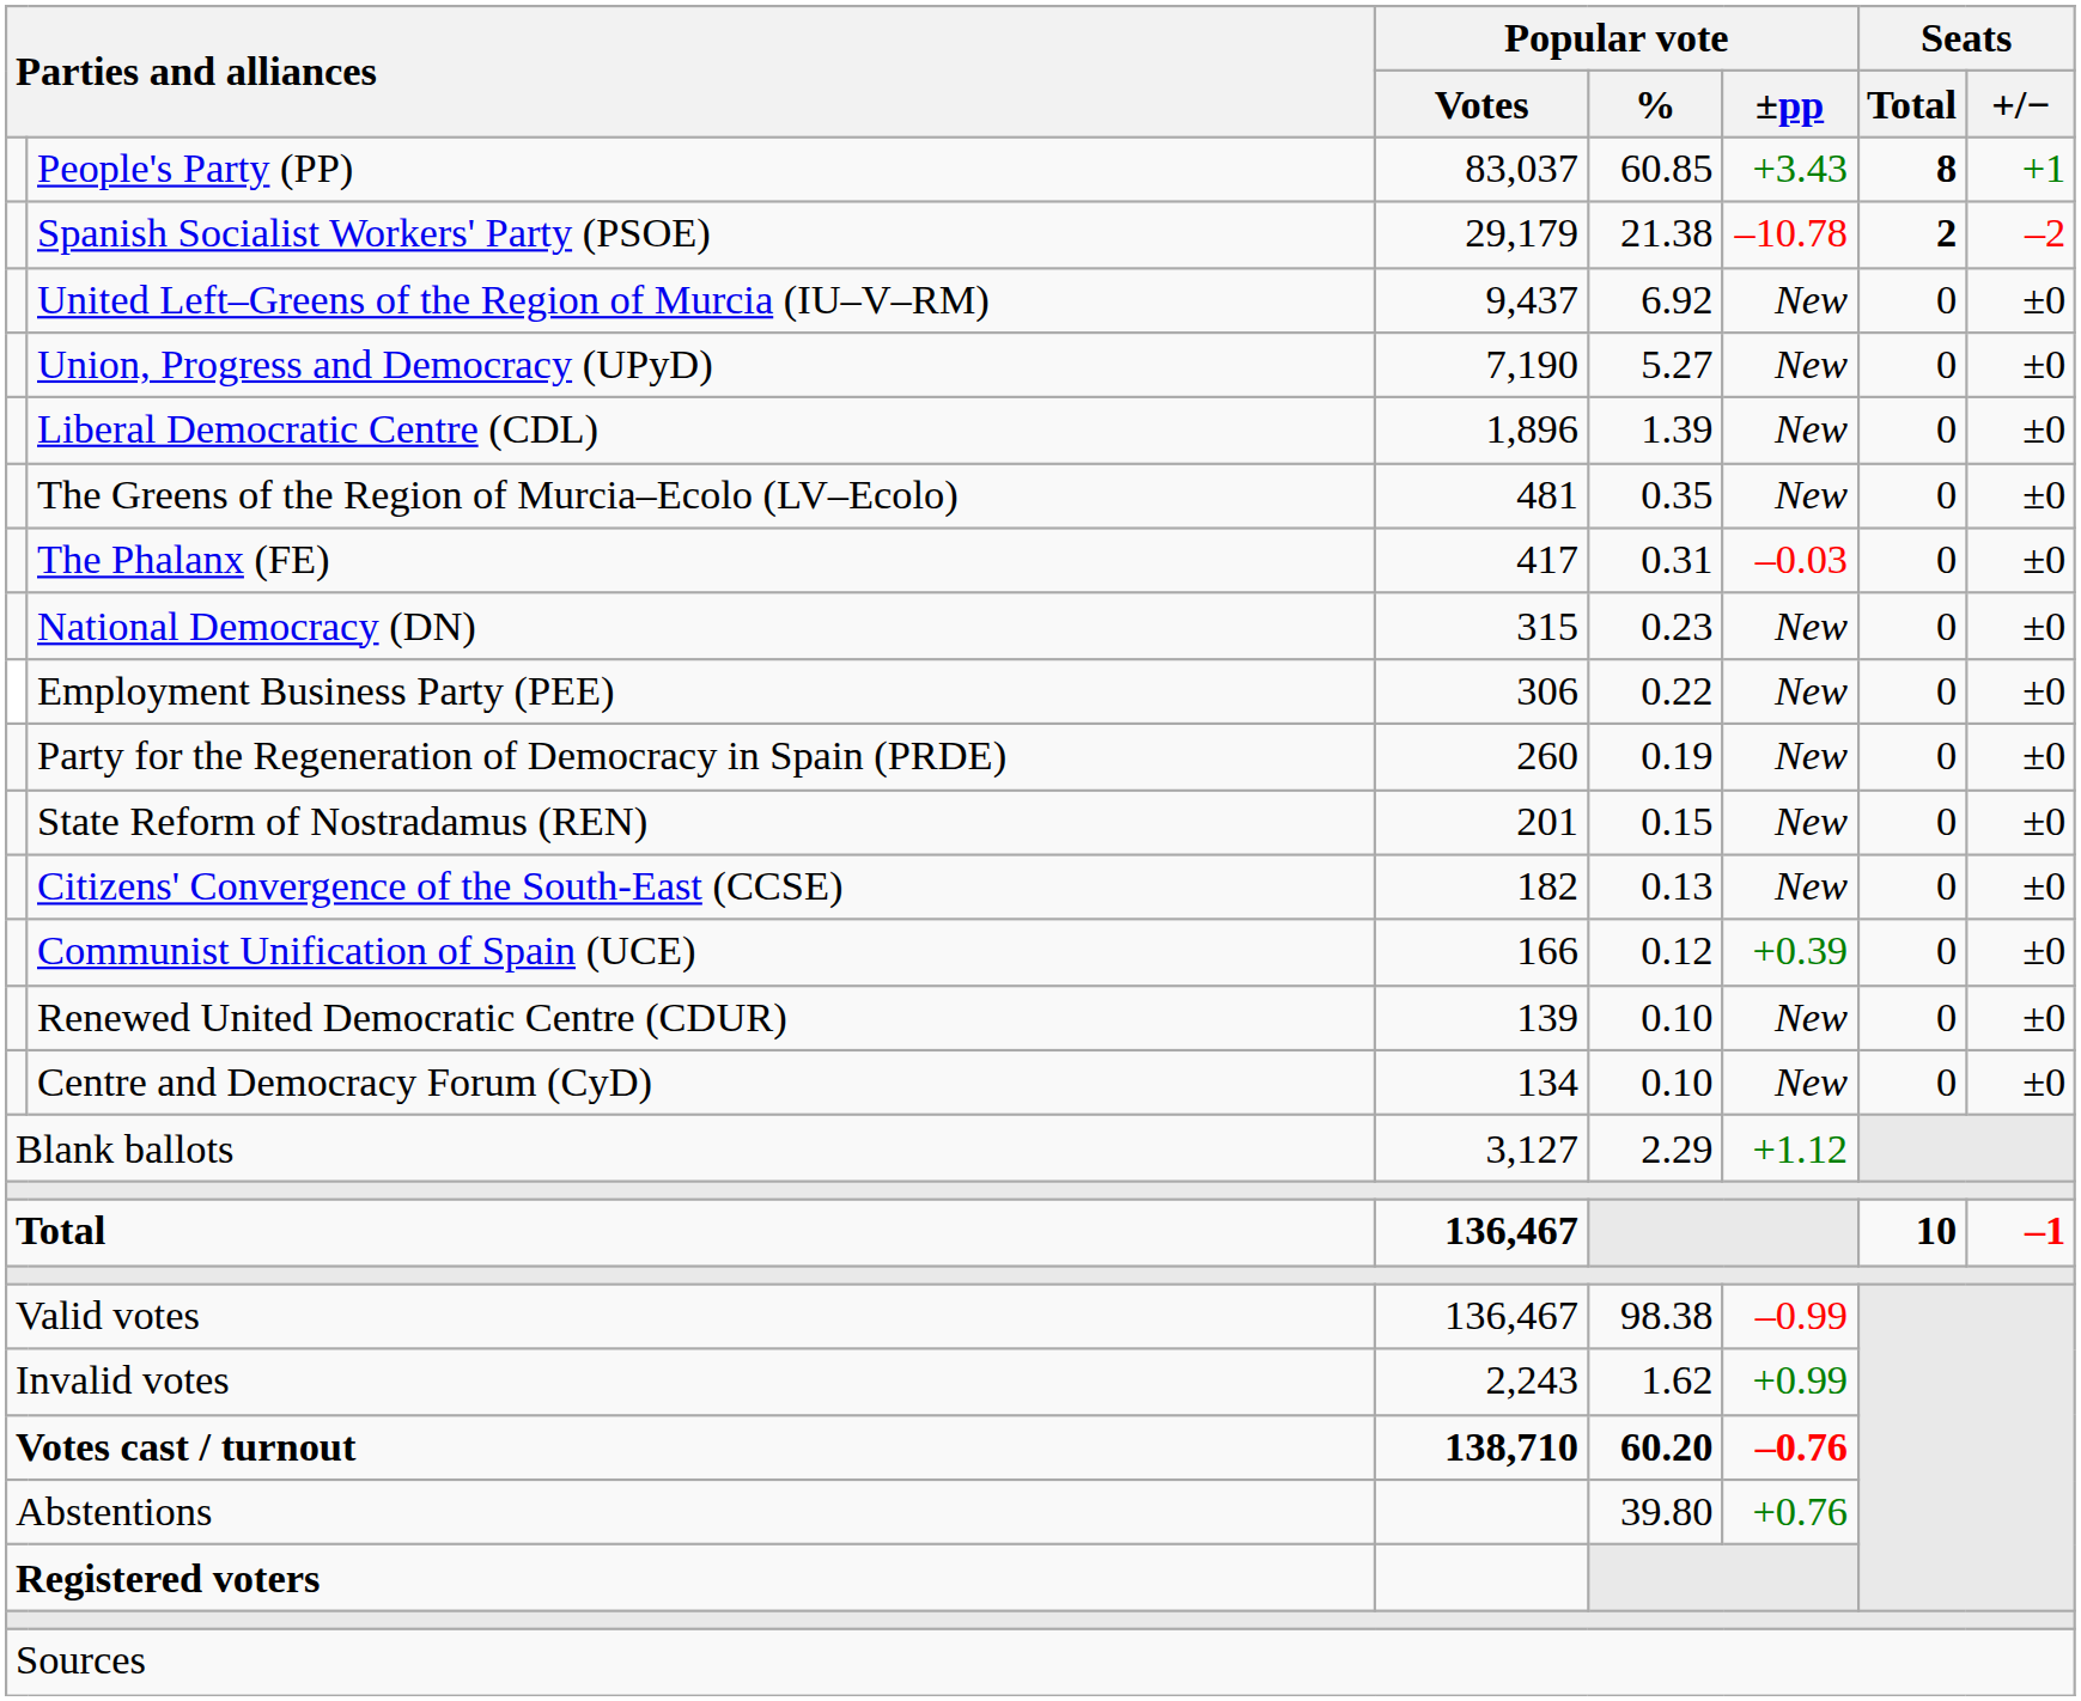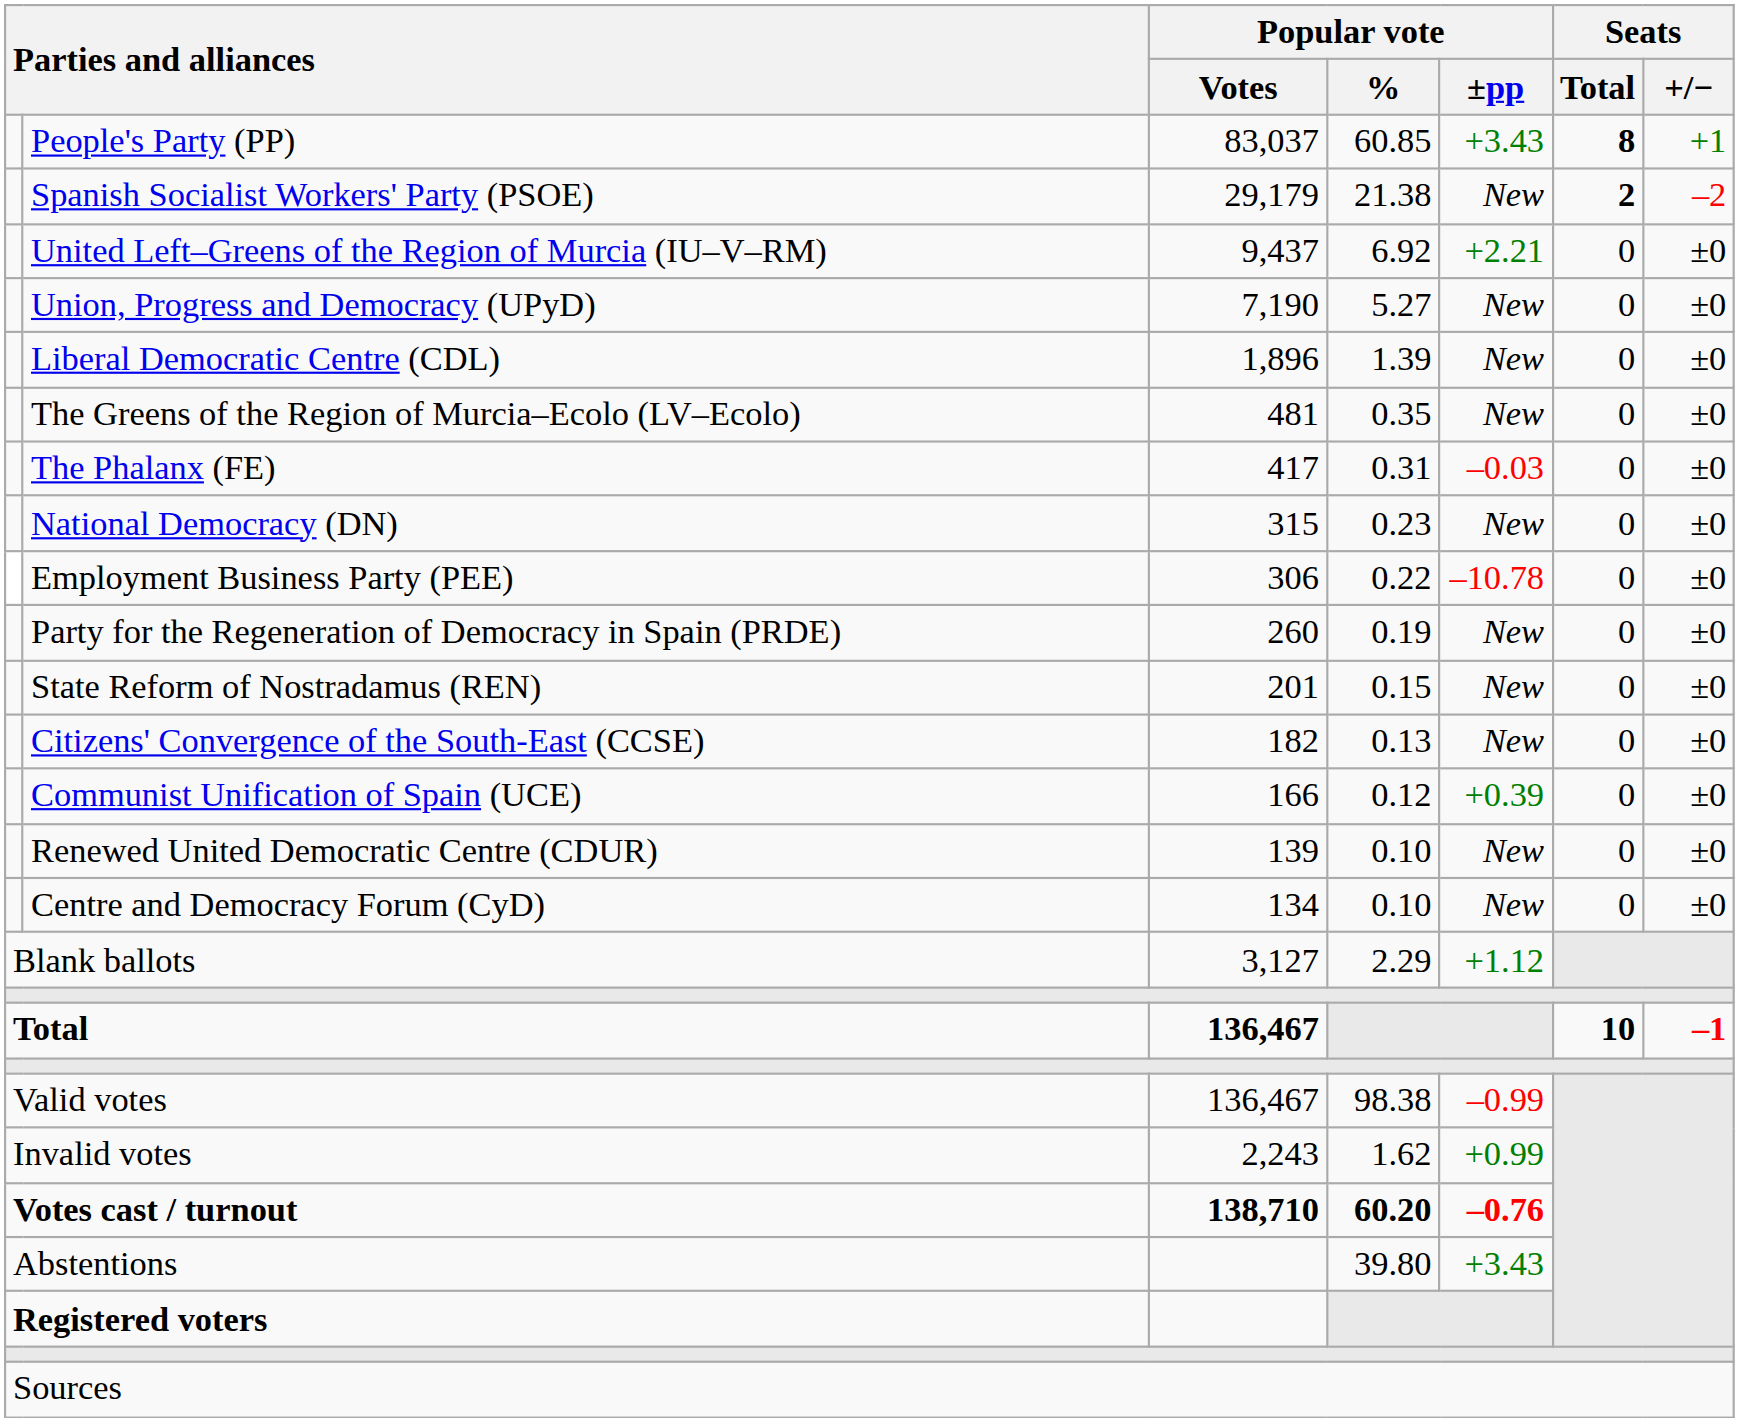 <table class="wikitable" style="text-align:right;">
 <tr>
 <th style="text-align:left;" rowspan="2" colspan="2" width="525">Parties and alliances</th>
 <th colspan="3">Popular vote</th>
 <th colspan="2">Seats</th>
 </tr>
 <tr>
 <th width="75">Votes</th>
 <th width="45">%</th>
 <th width="45">±<a href='#'>pp</a></th>
 <th width="35">Total</th>
 <th width="35">+/−</th>
 </tr>
 <tr>
 <td width="1" style="color:inherit;background:"></td>
 <td align="left"><a href='#'>People's Party</a> (PP)</td>
 <td>83,037</td>
 <td>60.85</td>
 <td style="color:green;">+3.43</td>
 <td><strong>8</strong></td>
 <td style="color:green;">+1</td>
 </tr>
 <tr>
 <td style="color:inherit;background:"></td>
 <td align="left"><a href='#'>Spanish Socialist Workers' Party</a> (PSOE)</td>
 <td>29,179</td>
 <td>21.38</td>
-<td style="color:red;">–10.78</td>
+<td><em>New</em></td>
 <td><strong>2</strong></td>
 <td style="color:red;">–2</td>
 </tr>
 <tr>
 <td style="color:inherit;background:"></td>
 <td align="left"><a href='#'>United Left–Greens of the Region of Murcia</a> (IU–V–RM)</td>
 <td>9,437</td>
 <td>6.92</td>
-<td><em>New</em></td>
+<td style="color:green;">+2.21</td>
 <td>0</td>
 <td>±0</td>
 </tr>
 <tr>
 <td style="color:inherit;background:"></td>
 <td align="left"><a href='#'>Union, Progress and Democracy</a> (UPyD)</td>
 <td>7,190</td>
 <td>5.27</td>
 <td><em>New</em></td>
 <td>0</td>
 <td>±0</td>
 </tr>
 <tr>
 <td style="color:inherit;background:"></td>
 <td align="left"><a href='#'>Liberal Democratic Centre</a> (CDL)</td>
 <td>1,896</td>
 <td>1.39</td>
 <td><em>New</em></td>
 <td>0</td>
 <td>±0</td>
 </tr>
 <tr>
 <td style="color:inherit;background:"></td>
 <td align="left">The Greens of the Region of Murcia–Ecolo (LV–Ecolo)</td>
 <td>481</td>
 <td>0.35</td>
 <td><em>New</em></td>
 <td>0</td>
 <td>±0</td>
 </tr>
 <tr>
 <td style="color:inherit;background:"></td>
 <td align="left"><a href='#'>The Phalanx</a> (FE)</td>
 <td>417</td>
 <td>0.31</td>
 <td style="color:red;">–0.03</td>
 <td>0</td>
 <td>±0</td>
 </tr>
 <tr>
 <td style="color:inherit;background:"></td>
 <td align="left"><a href='#'>National Democracy</a> (DN)</td>
 <td>315</td>
 <td>0.23</td>
 <td><em>New</em></td>
 <td>0</td>
 <td>±0</td>
 </tr>
 <tr>
 <td bgcolor="white"></td>
 <td align="left">Employment Business Party (PEE)</td>
 <td>306</td>
 <td>0.22</td>
-<td><em>New</em></td>
+<td style="color:red;">–10.78</td>
 <td>0</td>
 <td>±0</td>
 </tr>
 <tr>
 <td style="color:inherit;background:"></td>
 <td align="left">Party for the Regeneration of Democracy in Spain (PRDE)</td>
 <td>260</td>
 <td>0.19</td>
 <td><em>New</em></td>
 <td>0</td>
 <td>±0</td>
 </tr>
 <tr>
 <td style="color:inherit;background:"></td>
 <td align="left">State Reform of Nostradamus (REN)</td>
 <td>201</td>
 <td>0.15</td>
 <td><em>New</em></td>
 <td>0</td>
 <td>±0</td>
 </tr>
 <tr>
 <td style="color:inherit;background:"></td>
 <td align="left"><a href='#'>Citizens' Convergence of the South-East</a> (CCSE)</td>
 <td>182</td>
 <td>0.13</td>
 <td><em>New</em></td>
 <td>0</td>
 <td>±0</td>
 </tr>
 <tr>
 <td style="color:inherit;background:"></td>
 <td align="left"><a href='#'>Communist Unification of Spain</a> (UCE)</td>
 <td>166</td>
 <td>0.12</td>
 <td style="color:green;">+0.39</td>
 <td>0</td>
 <td>±0</td>
 </tr>
 <tr>
 <td style="color:inherit;background:"></td>
 <td align="left">Renewed United Democratic Centre (CDUR)</td>
 <td>139</td>
 <td>0.10</td>
 <td><em>New</em></td>
 <td>0</td>
 <td>±0</td>
 </tr>
 <tr>
 <td style="color:inherit;background:"></td>
 <td align="left">Centre and Democracy Forum (CyD)</td>
 <td>134</td>
 <td>0.10</td>
 <td><em>New</em></td>
 <td>0</td>
 <td>±0</td>
 </tr>
 <tr>
 <td align="left" colspan="2">Blank ballots</td>
 <td>3,127</td>
 <td>2.29</td>
 <td style="color:green;">+1.12</td>
 <td bgcolor="#E9E9E9" colspan="2"></td>
 </tr>
 <tr>
 <td colspan="7" bgcolor="#E9E9E9"></td>
 </tr>
 <tr style="font-weight:bold;">
 <td align="left" colspan="2">Total</td>
 <td>136,467</td>
 <td bgcolor="#E9E9E9" colspan="2"></td>
 <td>10</td>
 <td style="color:red;">–1</td>
 </tr>
 <tr>
 <td colspan="7" bgcolor="#E9E9E9"></td>
 </tr>
 <tr>
 <td align="left" colspan="2">Valid votes</td>
 <td>136,467</td>
 <td>98.38</td>
 <td style="color:red;">–0.99</td>
 <td bgcolor="#E9E9E9" colspan="2" rowspan="5"></td>
 </tr>
 <tr>
 <td align="left" colspan="2">Invalid votes</td>
 <td>2,243</td>
 <td>1.62</td>
 <td style="color:green;">+0.99</td>
 </tr>
 <tr style="font-weight:bold;">
 <td align="left" colspan="2">Votes cast / turnout</td>
 <td>138,710</td>
 <td>60.20</td>
 <td style="color:red;">–0.76</td>
 </tr>
 <tr>
 <td align="left" colspan="2">Abstentions</td>
 <td></td>
 <td>39.80</td>
-<td style="color:green;">+0.76</td>
+<td style="color:green;">+3.43</td>
 </tr>
 <tr style="font-weight:bold;">
 <td align="left" colspan="2">Registered voters</td>
 <td></td>
 <td bgcolor="#E9E9E9" colspan="2"></td>
 </tr>
 <tr>
 <td colspan="7" bgcolor="#E9E9E9"></td>
 </tr>
 <tr>
 <td align="left" colspan="7">Sources</td>
 </tr>
 </table>
